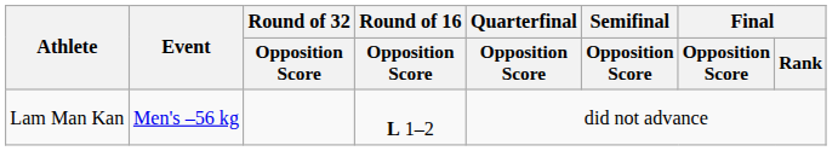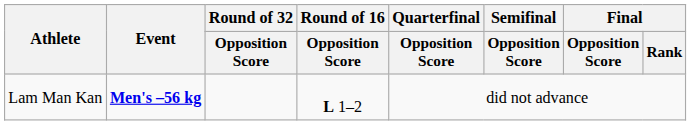 <table class=wikitable style=font-size:90%;text-align:center>
 <tr>
 <th rowspan=2>Athlete</th>
 <th rowspan=2>Event</th>
 <th>Round of 32</th>
 <th>Round of 16</th>
 <th>Quarterfinal</th>
 <th>Semifinal</th>
 <th colspan=2>Final</th>
 </tr>
 <tr style=font-size:95%>
 <th>Opposition<br>Score</th>
 <th>Opposition<br>Score</th>
 <th>Opposition<br>Score</th>
 <th>Opposition<br>Score</th>
 <th>Opposition<br>Score</th>
 <th>Rank</th>
 </tr>
 <tr>
 <td align=left>Lam Man Kan</td>
-<td align=left><a href='#'>Men's –56 kg</a></td>
+<td align=left><strong><a href='#'>Men's –56 kg</a></strong></td>
 <td></td>
 <td><br><strong>L</strong> 1–2</td>
 <td colspan=4>did not advance</td>
 </tr>
 </table>
